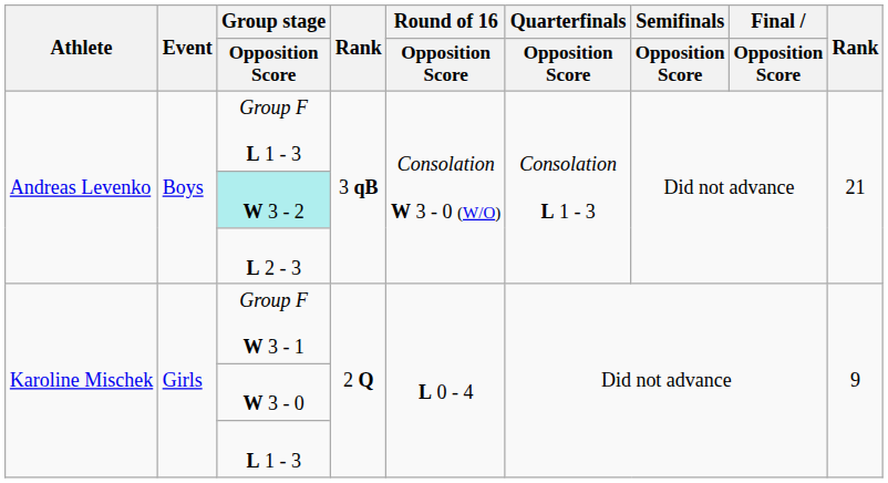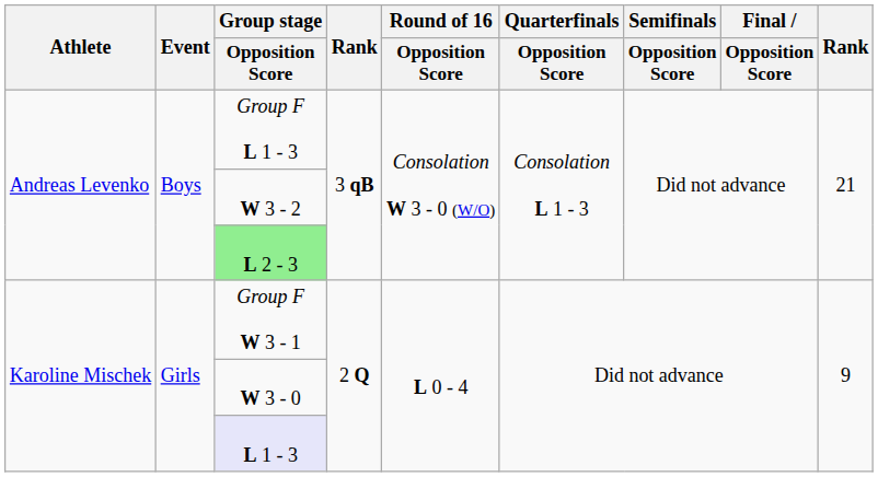 <table class=wikitable style="font-size:90%">
 <tr>
 <th rowspan="2">Athlete</th>
 <th rowspan="2">Event</th>
 <th>Group stage</th>
 <th rowspan="2">Rank</th>
 <th>Round of 16</th>
 <th>Quarterfinals</th>
 <th>Semifinals</th>
 <th>Final / </th>
 <th rowspan=2>Rank</th>
 </tr>
 <tr style="font-size:95%">
 <th>Opposition<br>Score</th>
 <th>Opposition<br>Score</th>
 <th>Opposition<br>Score</th>
 <th>Opposition<br>Score</th>
 <th>Opposition<br>Score</th>
 </tr>
 <tr align=center>
 <td align=left rowspan=3><a href='#'>Andreas Levenko</a></td>
 <td align=left rowspan=3><a href='#'>Boys</a></td>
 <td><em>Group F</em><br><br><strong>L</strong> 1 - 3</td>
 <td rowspan=3>3 <strong>qB</strong></td>
 <td rowspan=3><em>Consolation</em><br><br><strong>W</strong> 3 - 0 <small>(<a href='#'>W/O</a>)</small></td>
 <td rowspan=3><em>Consolation</em><br><br><strong>L</strong> 1 - 3</td>
 <td rowspan=3 colspan=2>Did not advance</td>
 <td rowspan=3>21</td>
 </tr>
 <tr align=center>
-<td style="background: paleturquoise;"><br><strong>W</strong> 3 - 2</td>
+<td><br><strong>W</strong> 3 - 2</td>
 </tr>
 <tr align=center>
-<td><br><strong>L</strong> 2 - 3</td>
+<td style="background: lightgreen;"><br><strong>L</strong> 2 - 3</td>
 </tr>
 <tr align=center>
 <td align=left rowspan=3><a href='#'>Karoline Mischek</a></td>
 <td align=left rowspan=3><a href='#'>Girls</a></td>
 <td><em>Group F</em><br><br><strong>W</strong> 3 - 1</td>
 <td rowspan=3>2 <strong>Q</strong></td>
 <td rowspan=3><br><strong>L</strong> 0 - 4</td>
 <td rowspan=3 colspan=3>Did not advance</td>
 <td rowspan=3>9</td>
 </tr>
 <tr align=center>
 <td><br><strong>W</strong> 3 - 0</td>
 </tr>
 <tr align=center>
-<td><br><strong>L</strong> 1 - 3</td>
+<td style="background: lavender;"><br><strong>L</strong> 1 - 3</td>
 </tr>
 </table>
